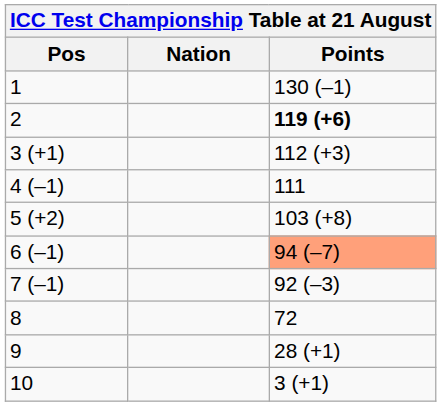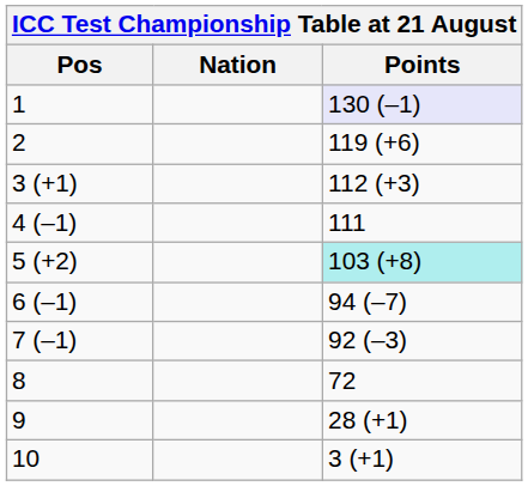 <table class="wikitable" style="text-align:left; width:auto; margin:auto">
 <tr>
 <th colspan="3"><a href='#'>ICC Test Championship</a> Table at 21 August</th>
 </tr>
 <tr style="background:#efefef;">
 <th>Pos</th>
 <th>Nation</th>
 <th>Points</th>
 </tr>
 <tr>
 <td>1</td>
 <td></td>
-<td>130 (–1)</td>
+<td style="background: lavender;">130 (–1)</td>
 </tr>
 <tr>
 <td>2</td>
 <td></td>
-<td><strong>119 (+6)</strong></td>
+<td>119 (+6)</td>
 </tr>
 <tr>
 <td>3 (+1)</td>
 <td></td>
 <td>112 (+3)</td>
 </tr>
 <tr>
 <td>4 (–1)</td>
 <td></td>
 <td>111</td>
 </tr>
 <tr>
 <td>5 (+2)</td>
 <td></td>
-<td>103 (+8)</td>
+<td style="background: paleturquoise;">103 (+8)</td>
 </tr>
 <tr>
 <td>6 (–1)</td>
 <td></td>
-<td style="background: lightsalmon;">94 (–7)</td>
+<td>94 (–7)</td>
 </tr>
 <tr>
 <td>7 (–1)</td>
 <td></td>
 <td>92 (–3)</td>
 </tr>
 <tr>
 <td>8</td>
 <td></td>
 <td>72</td>
 </tr>
 <tr>
 <td>9</td>
 <td></td>
 <td>28 (+1)</td>
 </tr>
 <tr>
 <td>10</td>
 <td></td>
 <td>3 (+1)</td>
 </tr>
 </table>
